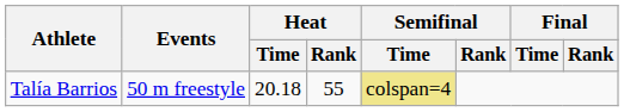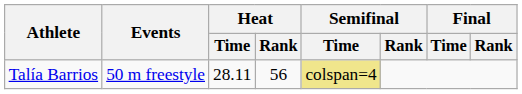 <table class=wikitable style="font-size:90%">
 <tr>
 <th rowspan="2">Athlete</th>
 <th rowspan="2">Events</th>
 <th colspan="2">Heat</th>
 <th colspan="2">Semifinal</th>
 <th colspan="2">Final</th>
 </tr>
 <tr style="font-size:95%">
 <th>Time</th>
 <th>Rank</th>
 <th>Time</th>
 <th>Rank</th>
 <th>Time</th>
 <th>Rank</th>
 </tr>
 <tr align=center>
 <td align=left><a href='#'>Talía Barrios</a></td>
 <td align=left><a href='#'>50 m freestyle</a></td>
-<td>20.18</td>
-<td>55</td>
+<td>28.11</td>
+<td>56</td>
 <td style="background: khaki;">colspan=4 </td>
 </tr>
 </table>
